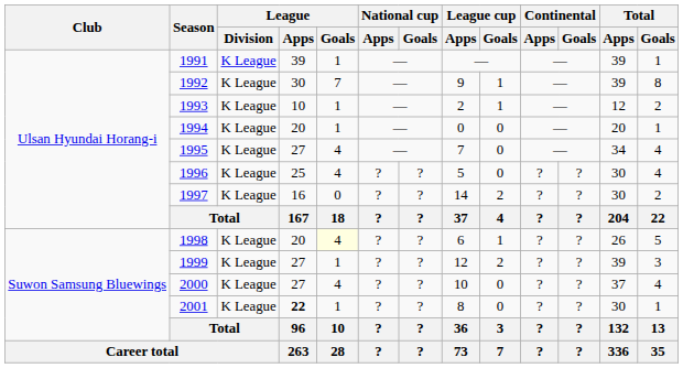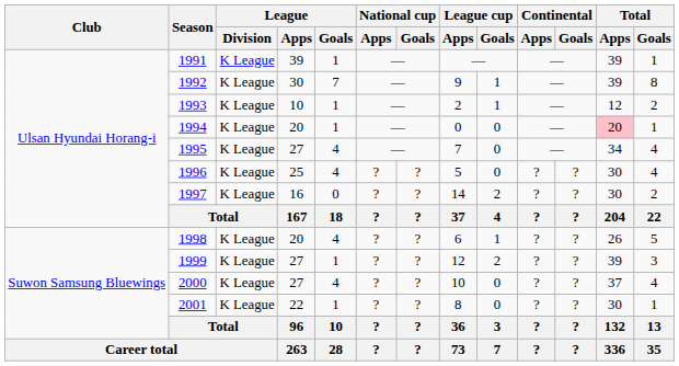 <table class="wikitable" style="text-align:center">
 <tr>
 <th rowspan="2">Club</th>
 <th rowspan="2">Season</th>
 <th colspan="3">League</th>
 <th colspan=2>National cup</th>
 <th colspan=2>League cup</th>
 <th colspan=2>Continental</th>
 <th colspan=2>Total</th>
 </tr>
 <tr>
 <th>Division</th>
 <th>Apps</th>
 <th>Goals</th>
 <th>Apps</th>
 <th>Goals</th>
 <th>Apps</th>
 <th>Goals</th>
 <th>Apps</th>
 <th>Goals</th>
 <th>Apps</th>
 <th>Goals</th>
 </tr>
 <tr>
 <td rowspan="8"><a href='#'>Ulsan Hyundai Horang-i</a></td>
 <td><a href='#'>1991</a></td>
 <td><a href='#'>K League</a></td>
 <td>39</td>
 <td>1</td>
 <td colspan="2">—</td>
 <td colspan="2">—</td>
 <td colspan="2">—</td>
 <td>39</td>
 <td>1</td>
 </tr>
 <tr>
 <td><a href='#'>1992</a></td>
 <td>K League</td>
 <td>30</td>
 <td>7</td>
 <td colspan="2">—</td>
 <td>9</td>
 <td>1</td>
 <td colspan="2">—</td>
 <td>39</td>
 <td>8</td>
 </tr>
 <tr>
 <td><a href='#'>1993</a></td>
 <td>K League</td>
 <td>10</td>
 <td>1</td>
 <td colspan="2">—</td>
 <td>2</td>
 <td>1</td>
 <td colspan="2">—</td>
 <td>12</td>
 <td>2</td>
 </tr>
 <tr>
 <td><a href='#'>1994</a></td>
 <td>K League</td>
 <td>20</td>
 <td>1</td>
 <td colspan="2">—</td>
 <td>0</td>
 <td>0</td>
 <td colspan="2">—</td>
-<td>20</td>
+<td style="background: pink;">20</td>
 <td>1</td>
 </tr>
 <tr>
 <td><a href='#'>1995</a></td>
 <td>K League</td>
 <td>27</td>
 <td>4</td>
 <td colspan="2">—</td>
 <td>7</td>
 <td>0</td>
 <td colspan="2">—</td>
 <td>34</td>
 <td>4</td>
 </tr>
 <tr>
 <td><a href='#'>1996</a></td>
 <td>K League</td>
 <td>25</td>
 <td>4</td>
 <td>?</td>
 <td>?</td>
 <td>5</td>
 <td>0</td>
 <td>?</td>
 <td>?</td>
 <td>30</td>
 <td>4</td>
 </tr>
 <tr>
 <td><a href='#'>1997</a></td>
 <td>K League</td>
 <td>16</td>
 <td>0</td>
 <td>?</td>
 <td>?</td>
 <td>14</td>
 <td>2</td>
 <td>?</td>
 <td>?</td>
 <td>30</td>
 <td>2</td>
 </tr>
 <tr>
 <th colspan="2">Total</th>
 <th>167</th>
 <th>18</th>
 <th>?</th>
 <th>?</th>
 <th>37</th>
 <th>4</th>
 <th>?</th>
 <th>?</th>
 <th>204</th>
 <th>22</th>
 </tr>
 <tr>
 <td rowspan="5"><a href='#'>Suwon Samsung Bluewings</a></td>
 <td><a href='#'>1998</a></td>
 <td>K League</td>
 <td>20</td>
-<td style="background: lightyellow;">4</td>
+<td>4</td>
 <td>?</td>
 <td>?</td>
 <td>6</td>
 <td>1</td>
 <td>?</td>
 <td>?</td>
 <td>26</td>
 <td>5</td>
 </tr>
 <tr>
 <td><a href='#'>1999</a></td>
 <td>K League</td>
 <td>27</td>
 <td>1</td>
 <td>?</td>
 <td>?</td>
 <td>12</td>
 <td>2</td>
 <td>?</td>
 <td>?</td>
 <td>39</td>
 <td>3</td>
 </tr>
 <tr>
 <td><a href='#'>2000</a></td>
 <td>K League</td>
 <td>27</td>
 <td>4</td>
 <td>?</td>
 <td>?</td>
 <td>10</td>
 <td>0</td>
 <td>?</td>
 <td>?</td>
 <td>37</td>
 <td>4</td>
 </tr>
 <tr>
 <td><a href='#'>2001</a></td>
 <td>K League</td>
-<td><strong>22</strong></td>
+<td>22</td>
 <td>1</td>
 <td>?</td>
 <td>?</td>
 <td>8</td>
 <td>0</td>
 <td>?</td>
 <td>?</td>
 <td>30</td>
 <td>1</td>
 </tr>
 <tr>
 <th colspan="2">Total</th>
 <th>96</th>
 <th>10</th>
 <th>?</th>
 <th>?</th>
 <th>36</th>
 <th>3</th>
 <th>?</th>
 <th>?</th>
 <th>132</th>
 <th>13</th>
 </tr>
 <tr>
 <th colspan=3>Career total</th>
 <th>263</th>
 <th>28</th>
 <th>?</th>
 <th>?</th>
 <th>73</th>
 <th>7</th>
 <th>?</th>
 <th>?</th>
 <th>336</th>
 <th>35</th>
 </tr>
 </table>
